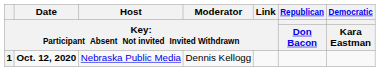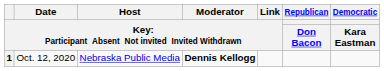 <table class="wikitable" style="text-align:center;">
 <tr>
 <th scope="col"></th>
 <th scope="col">Date</th>
 <th scope="col">Host</th>
 <th scope="col">Moderator</th>
 <th scope="col">Link</th>
 <th scope="col"><small><a href='#'>Republican</a></small></th>
 <th scope="col"><small><a href='#'>Democratic</a></small></th>
 </tr>
 <tr>
 <th colspan="5" rowspan="2">Key:<br> <small>Participant </small>  <small>Absent </small>  <small>Not invited </small>  <small>Invited  Withdrawn</small></th>
 <th scope="col" style="background:"></th>
 <th scope="col" style="background:"></th>
 </tr>
 <tr>
 <th scope="col"><a href='#'>Don Bacon</a></th>
 <th scope="col">Kara Eastman</th>
 </tr>
 <tr>
 <th>1</th>
-<td style="white-space:nowrap;"><strong>Oct. 12, 2020</strong></td>
+<td style="white-space:nowrap;">Oct. 12, 2020</td>
 <td style="white-space:nowrap;"><a href='#'>Nebraska Public Media</a></td>
-<td style="white-space:nowrap;">Dennis Kellogg</td>
+<td style="white-space:nowrap;"><strong>Dennis Kellogg</strong></td>
 <td style="white-space:nowrap;"></td>
 <td></td>
 <td></td>
 </tr>
 </table>
